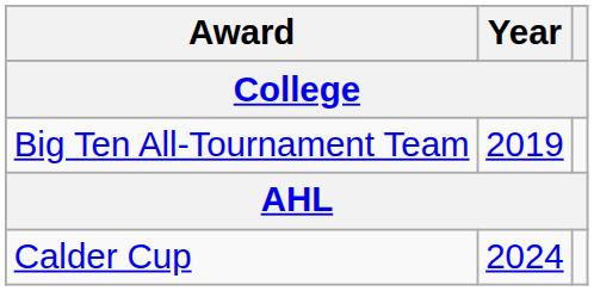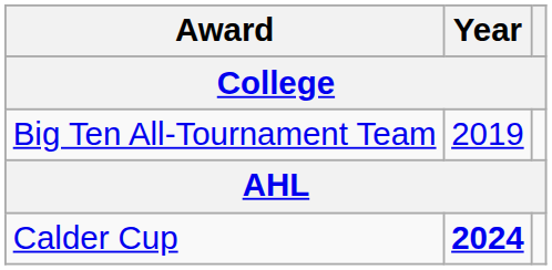 <table class="wikitable">
 <tr>
 <th>Award</th>
 <th>Year</th>
 <th></th>
 </tr>
 <tr ALIGN="center" bgcolor="#e0e0e0">
 <th colspan="3"><a href='#'>College</a></th>
 </tr>
 <tr>
 <td><a href='#'>Big Ten All-Tournament Team</a></td>
 <td><a href='#'>2019</a></td>
 <td></td>
 </tr>
 <tr ALIGN="center" bgcolor="#e0e0e0">
 <th colspan="3"><a href='#'>AHL</a></th>
 </tr>
 <tr>
 <td><a href='#'>Calder Cup</a></td>
-<td><a href='#'>2024</a></td>
+<td><strong><a href='#'>2024</a></strong></td>
 <td></td>
 </tr>
 </table>
